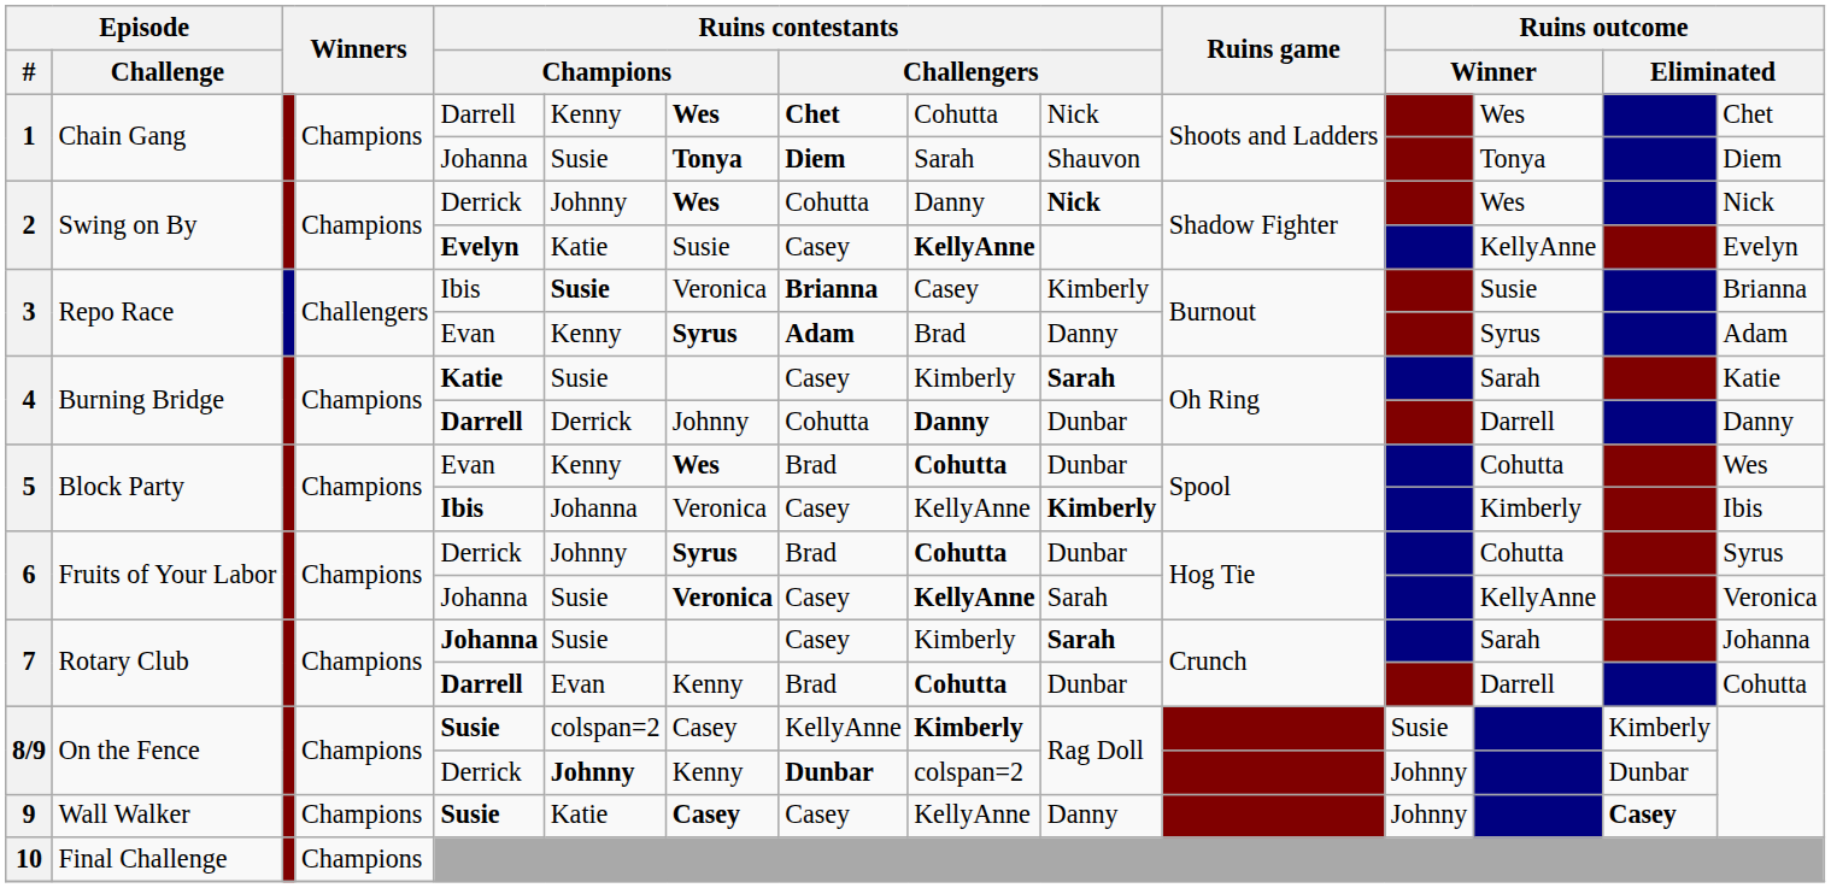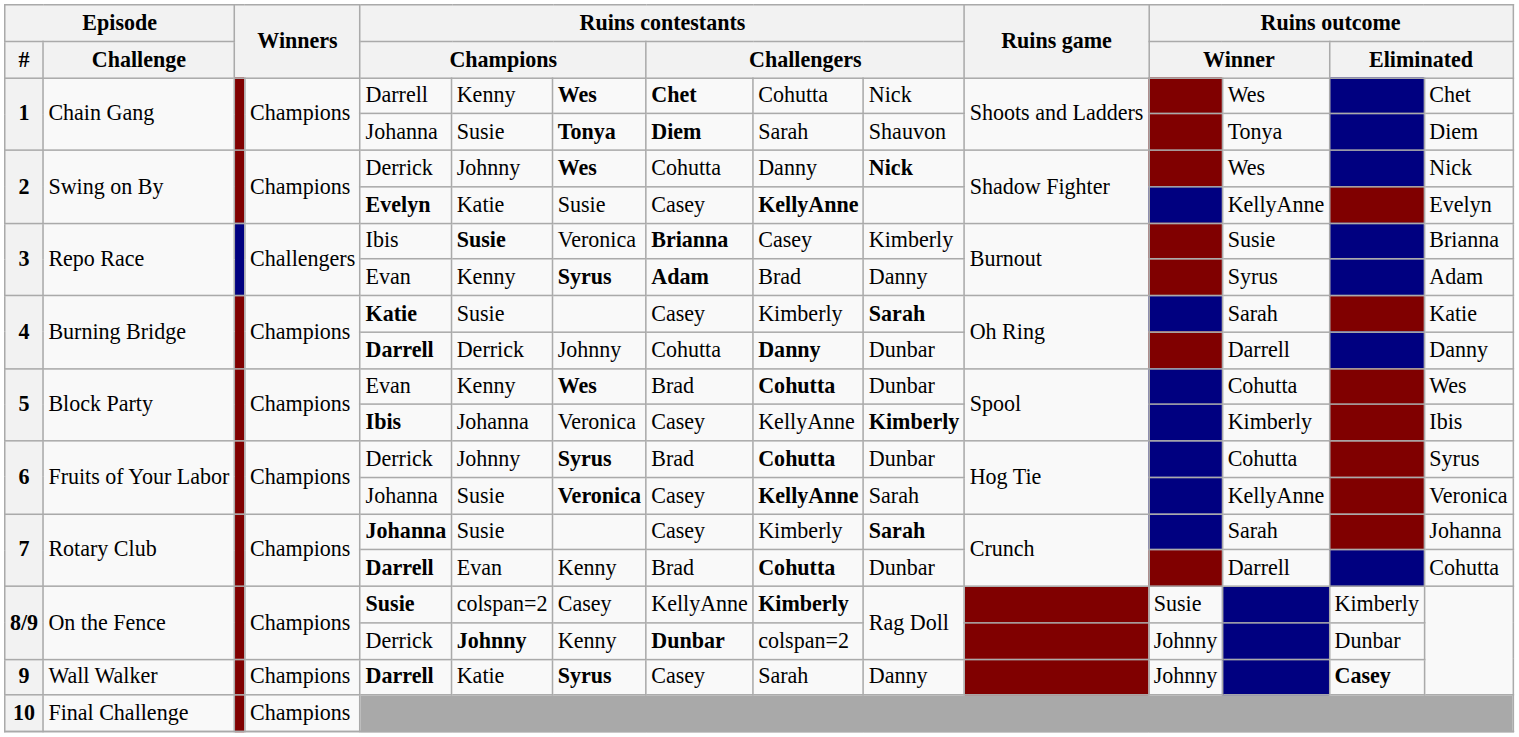 <table class="wikitable" style="font-size:90%; white-space:nowrap">
 <tr>
 <th colspan=2>Episode</th>
 <th rowspan=2 colspan=2>Winners</th>
 <th colspan=6>Ruins contestants</th>
 <th rowspan=2>Ruins game</th>
 <th colspan=4>Ruins outcome</th>
 </tr>
 <tr>
 <th width="15px">#</th>
 <th>Challenge</th>
 <th colspan=3>Champions</th>
 <th colspan=3>Challengers</th>
 <th colspan=2>Winner</th>
 <th colspan=2>Eliminated</th>
 </tr>
 <tr>
 <th rowspan=2>1</th>
 <td rowspan=2>Chain Gang</td>
 <td rowspan=2 bgcolor="maroon"></td>
 <td rowspan=2>Champions</td>
 <td>Darrell</td>
 <td>Kenny</td>
 <td><strong>Wes</strong></td>
 <td><strong>Chet</strong></td>
 <td>Cohutta</td>
 <td>Nick</td>
 <td rowspan=2>Shoots and Ladders</td>
 <td bgcolor="maroon"></td>
 <td>Wes</td>
 <td bgcolor="navy"></td>
 <td>Chet</td>
 </tr>
 <tr>
 <td>Johanna</td>
 <td>Susie</td>
 <td><strong>Tonya</strong></td>
 <td><strong>Diem</strong></td>
 <td>Sarah</td>
 <td>Shauvon</td>
 <td bgcolor="maroon"></td>
 <td>Tonya</td>
 <td bgcolor="navy"></td>
 <td>Diem</td>
 </tr>
 <tr>
 <th rowspan=2>2</th>
 <td rowspan=2>Swing on By</td>
 <td rowspan=2 bgcolor="maroon"></td>
 <td rowspan=2>Champions</td>
 <td>Derrick</td>
 <td>Johnny</td>
 <td><strong>Wes</strong></td>
 <td>Cohutta</td>
 <td>Danny</td>
 <td><strong>Nick</strong></td>
 <td rowspan=2>Shadow Fighter</td>
 <td bgcolor="maroon"></td>
 <td>Wes</td>
 <td bgcolor="navy"></td>
 <td>Nick</td>
 </tr>
 <tr>
 <td><strong>Evelyn</strong></td>
 <td>Katie</td>
 <td>Susie</td>
 <td>Casey</td>
 <td><strong>KellyAnne</strong></td>
 <td></td>
 <td bgcolor="navy"></td>
 <td>KellyAnne</td>
 <td bgcolor="maroon"></td>
 <td>Evelyn</td>
 </tr>
 <tr>
 <th rowspan=2>3</th>
 <td rowspan=2>Repo Race</td>
 <td rowspan=2 bgcolor="navy"></td>
 <td rowspan=2>Challengers</td>
 <td>Ibis</td>
 <td><strong>Susie</strong></td>
 <td>Veronica</td>
 <td><strong>Brianna</strong></td>
 <td>Casey</td>
 <td>Kimberly</td>
 <td rowspan=2>Burnout</td>
 <td bgcolor="maroon"></td>
 <td>Susie</td>
 <td bgcolor="navy"></td>
 <td>Brianna</td>
 </tr>
 <tr>
 <td>Evan</td>
 <td>Kenny</td>
 <td><strong>Syrus</strong></td>
 <td><strong>Adam</strong></td>
 <td>Brad</td>
 <td>Danny</td>
 <td bgcolor="maroon"></td>
 <td>Syrus</td>
 <td bgcolor="navy"></td>
 <td>Adam</td>
 </tr>
 <tr>
 <th rowspan=2>4</th>
 <td rowspan=2>Burning Bridge</td>
 <td rowspan=2 bgcolor="maroon"></td>
 <td rowspan=2>Champions</td>
 <td><strong>Katie</strong></td>
 <td>Susie</td>
 <td></td>
 <td>Casey</td>
 <td>Kimberly</td>
 <td><strong>Sarah</strong></td>
 <td rowspan=2>Oh Ring</td>
 <td bgcolor="navy"></td>
 <td>Sarah</td>
 <td bgcolor="maroon"></td>
 <td>Katie</td>
 </tr>
 <tr>
 <td><strong>Darrell</strong></td>
 <td>Derrick</td>
 <td>Johnny</td>
 <td>Cohutta</td>
 <td><strong>Danny</strong></td>
 <td>Dunbar</td>
 <td bgcolor="maroon"></td>
 <td>Darrell</td>
 <td bgcolor="navy"></td>
 <td>Danny</td>
 </tr>
 <tr>
 <th rowspan=2>5</th>
 <td rowspan=2>Block Party</td>
 <td rowspan=2 bgcolor="maroon"></td>
 <td rowspan=2>Champions</td>
 <td>Evan</td>
 <td>Kenny</td>
 <td><strong>Wes</strong></td>
 <td>Brad</td>
 <td><strong>Cohutta</strong></td>
 <td>Dunbar</td>
 <td rowspan=2>Spool</td>
 <td bgcolor="navy"></td>
 <td>Cohutta</td>
 <td bgcolor="maroon"></td>
 <td>Wes</td>
 </tr>
 <tr>
 <td><strong>Ibis</strong></td>
 <td>Johanna</td>
 <td>Veronica</td>
 <td>Casey</td>
 <td>KellyAnne</td>
 <td><strong>Kimberly</strong></td>
 <td bgcolor="navy"></td>
 <td>Kimberly</td>
 <td bgcolor="maroon"></td>
 <td>Ibis</td>
 </tr>
 <tr>
 <th rowspan=2>6</th>
 <td rowspan=2>Fruits of Your Labor</td>
 <td rowspan=2 bgcolor="maroon"></td>
 <td rowspan=2>Champions</td>
 <td>Derrick</td>
 <td>Johnny</td>
 <td><strong>Syrus</strong></td>
 <td>Brad</td>
 <td><strong>Cohutta</strong></td>
 <td>Dunbar</td>
 <td rowspan=2>Hog Tie</td>
 <td bgcolor="navy"></td>
 <td>Cohutta</td>
 <td bgcolor="maroon"></td>
 <td>Syrus</td>
 </tr>
 <tr>
 <td>Johanna</td>
 <td>Susie</td>
 <td><strong>Veronica</strong></td>
 <td>Casey</td>
 <td><strong>KellyAnne</strong></td>
 <td>Sarah</td>
 <td bgcolor="navy"></td>
 <td>KellyAnne</td>
 <td bgcolor="maroon"></td>
 <td>Veronica</td>
 </tr>
 <tr>
 <th rowspan=2>7</th>
 <td rowspan=2>Rotary Club</td>
 <td rowspan=2 bgcolor="maroon"></td>
 <td rowspan=2>Champions</td>
 <td><strong>Johanna</strong></td>
 <td>Susie</td>
 <td></td>
 <td>Casey</td>
 <td>Kimberly</td>
 <td><strong>Sarah</strong></td>
 <td rowspan=2>Crunch</td>
 <td bgcolor="navy"></td>
 <td>Sarah</td>
 <td bgcolor="maroon"></td>
 <td>Johanna</td>
 </tr>
 <tr>
 <td><strong>Darrell</strong></td>
 <td>Evan</td>
 <td>Kenny</td>
 <td>Brad</td>
 <td><strong>Cohutta</strong></td>
 <td>Dunbar</td>
 <td bgcolor="maroon"></td>
 <td>Darrell</td>
 <td bgcolor="navy"></td>
 <td>Cohutta</td>
 </tr>
 <tr>
 <th rowspan=2 nowrap>8/9</th>
 <td rowspan=2>On the Fence</td>
 <td rowspan=2 bgcolor="maroon"></td>
 <td rowspan=2>Champions</td>
 <td><strong>Susie</strong></td>
 <td>colspan=2 </td>
 <td>Casey</td>
 <td>KellyAnne</td>
 <td><strong>Kimberly</strong></td>
 <td rowspan=2>Rag Doll</td>
 <td bgcolor="maroon"></td>
 <td>Susie</td>
 <td bgcolor="navy"></td>
 <td>Kimberly</td>
 </tr>
 <tr>
 <td>Derrick</td>
 <td><strong>Johnny</strong></td>
 <td>Kenny</td>
 <td><strong>Dunbar</strong></td>
 <td>colspan=2 </td>
 <td bgcolor="maroon"></td>
 <td>Johnny</td>
 <td bgcolor="navy"></td>
 <td>Dunbar</td>
 </tr>
 <tr>
 <th>9</th>
 <td>Wall Walker</td>
 <td bgcolor="maroon"></td>
 <td>Champions</td>
-<td><strong>Susie</strong></td>
+<td><strong>Darrell</strong></td>
 <td>Katie</td>
-<td><strong>Casey</strong></td>
+<td><strong>Syrus</strong></td>
 <td>Casey</td>
-<td>KellyAnne</td>
+<td>Sarah</td>
 <td>Danny</td>
 <td bgcolor="maroon"></td>
 <td>Johnny</td>
 <td bgcolor="navy"></td>
 <td><strong>Casey</strong></td>
 </tr>
 <tr>
 <th>10</th>
 <td>Final Challenge</td>
 <td bgcolor="maroon"></td>
 <td>Champions</td>
 <td colspan=11 bgcolor="darkgray"></td>
 </tr>
 <tr>
 </tr>
 </table>
